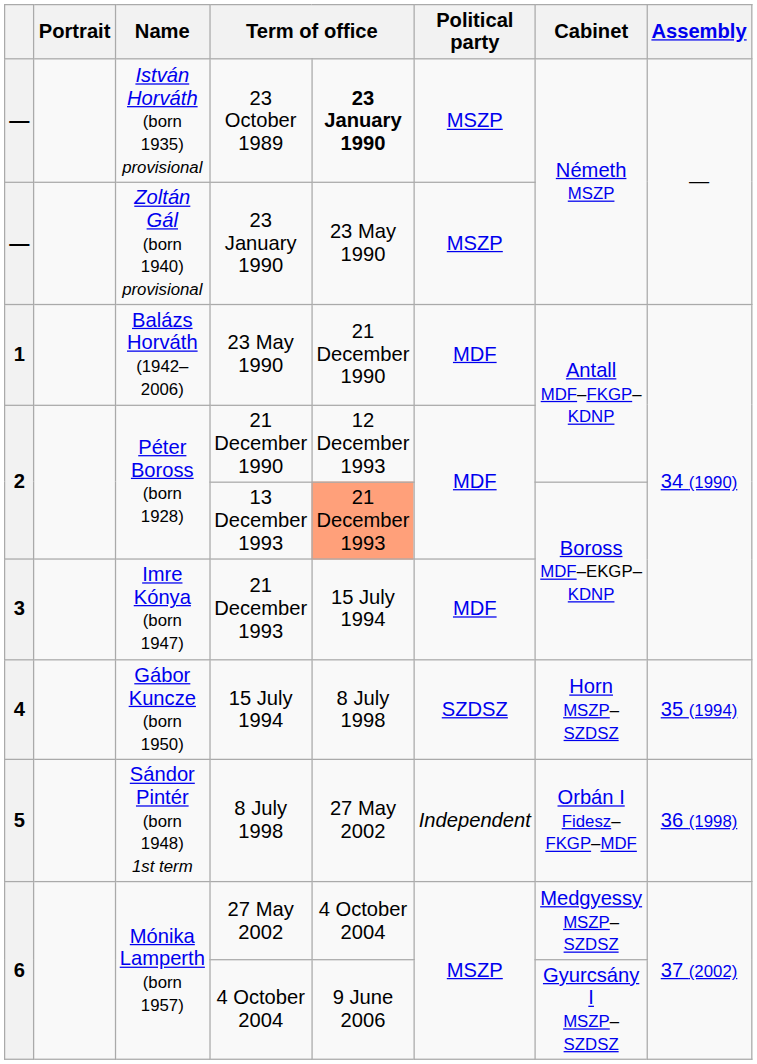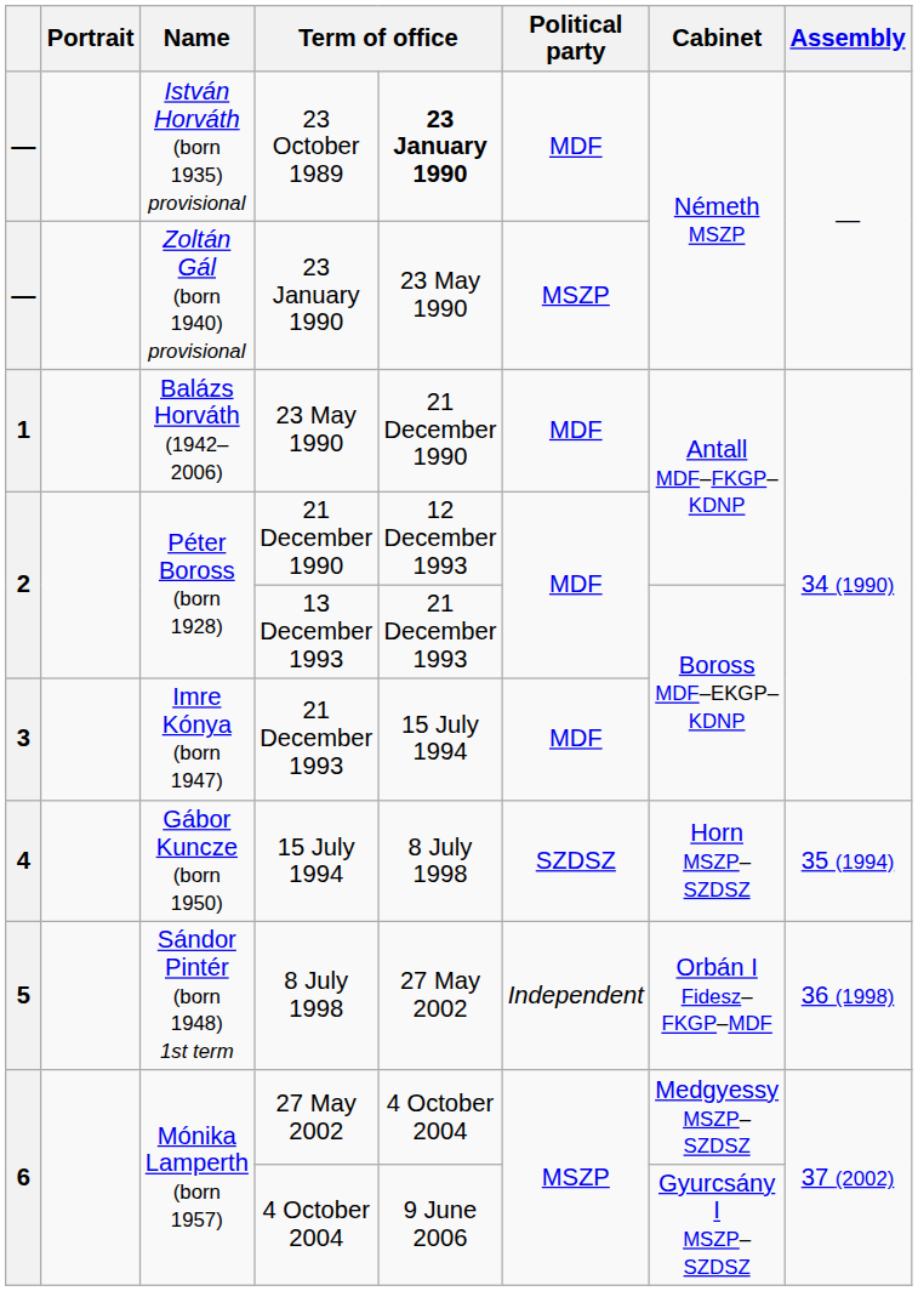 <table class="wikitable" style="width:90%; text-align:center;">
 <tr>
 <th></th>
 <th>Portrait</th>
 <th>Name<br></th>
 <th colspan=2>Term of office</th>
 <th>Political party</th>
 <th>Cabinet</th>
 <th><a href='#'>Assembly</a><br></th>
 </tr>
 <tr>
 <th style="background:">—</th>
 <td></td>
 <td><em><a href='#'>István Horváth</a></em><br><small>(born 1935)<br><em>provisional</em></small></td>
 <td>23 October 1989</td>
 <td><strong>23 January 1990</strong></td>
-<td><a href='#'>MSZP</a></td>
+<td><a href='#'>MDF</a></td>
 <td rowspan="2"><a href='#'>Németh</a><br><small><a href='#'>MSZP</a></small></td>
 <td rowspan="2">—</td>
 </tr>
 <tr>
 <th style="background:">—</th>
 <td></td>
 <td><em><a href='#'>Zoltán Gál</a></em><br><small>(born 1940)<br><em>provisional</em></small></td>
 <td>23 January 1990</td>
 <td>23 May 1990</td>
 <td><a href='#'>MSZP</a></td>
 </tr>
 <tr>
 <th style="background:">1</th>
 <td></td>
 <td><a href='#'>Balázs Horváth</a><br><small>(1942–2006)</small></td>
 <td>23 May 1990</td>
 <td>21 December 1990</td>
 <td><a href='#'>MDF</a></td>
 <td rowspan="2"><a href='#'>Antall</a><br><small><a href='#'>MDF</a>–<a href='#'>FKGP</a>–<a href='#'>KDNP</a></small></td>
 <td rowspan="4"><a href='#'>34 <small>(1990)</small></a></td>
 </tr>
 <tr>
 <th rowspan="2" style="background:">2</th>
 <td rowspan="2"></td>
 <td rowspan="2"><a href='#'>Péter Boross</a><br><small>(born 1928)</small></td>
 <td>21 December 1990</td>
 <td>12 December 1993</td>
 <td rowspan="2"><a href='#'>MDF</a></td>
 </tr>
 <tr>
 <td>13 December 1993</td>
-<td style="background: lightsalmon;">21 December 1993</td>
+<td>21 December 1993</td>
 <td rowspan="2"><a href='#'>Boross</a><br><small><a href='#'>MDF</a>–EKGP–<a href='#'>KDNP</a></small></td>
 </tr>
 <tr>
 <th style="background:">3</th>
 <td></td>
 <td><a href='#'>Imre Kónya</a><br><small>(born 1947)</small></td>
 <td>21 December 1993</td>
 <td>15 July 1994</td>
 <td><a href='#'>MDF</a></td>
 </tr>
 <tr>
 <th style="background:">4</th>
 <td></td>
 <td><a href='#'>Gábor Kuncze</a><br><small>(born 1950)</small></td>
 <td>15 July 1994</td>
 <td>8 July 1998</td>
 <td><a href='#'>SZDSZ</a></td>
 <td><a href='#'>Horn</a><br><small><a href='#'>MSZP</a>–<a href='#'>SZDSZ</a></small></td>
 <td><a href='#'>35 <small>(1994)</small></a></td>
 </tr>
 <tr>
 <th style="background:">5</th>
 <td></td>
 <td><a href='#'>Sándor Pintér</a><br><small>(born 1948)<br><em>1st term</em></small></td>
 <td>8 July 1998</td>
 <td>27 May 2002</td>
 <td><em>Independent</em></td>
 <td><a href='#'>Orbán I</a><br><small><a href='#'>Fidesz</a>–<a href='#'>FKGP</a>–<a href='#'>MDF</a></small></td>
 <td><a href='#'>36 <small>(1998)</small></a></td>
 </tr>
 <tr>
 <th rowspan="2" style="background:">6</th>
 <td rowspan="2"></td>
 <td rowspan="2"><a href='#'>Mónika Lamperth</a><br><small>(born 1957)</small></td>
 <td>27 May 2002</td>
 <td>4 October 2004</td>
 <td rowspan="2"><a href='#'>MSZP</a></td>
 <td><a href='#'>Medgyessy</a><br><small><a href='#'>MSZP</a>–<a href='#'>SZDSZ</a></small></td>
 <td rowspan="2"><a href='#'>37 <small>(2002)</small></a></td>
 </tr>
 <tr>
 <td>4 October 2004</td>
 <td>9 June 2006</td>
 <td><a href='#'>Gyurcsány I</a><br><small><a href='#'>MSZP</a>–<a href='#'>SZDSZ</a></small></td>
 </tr>
 </table>
